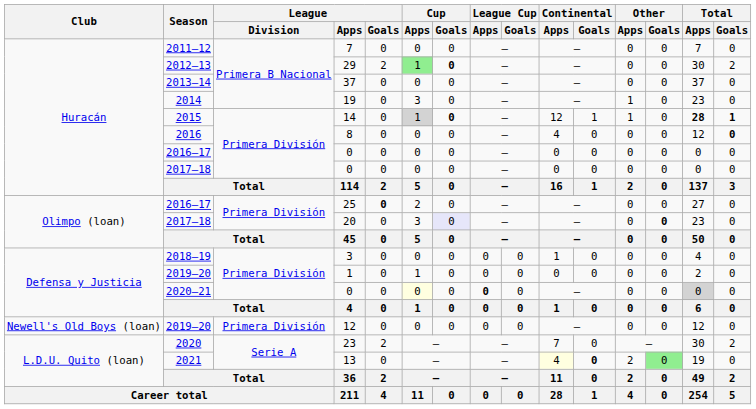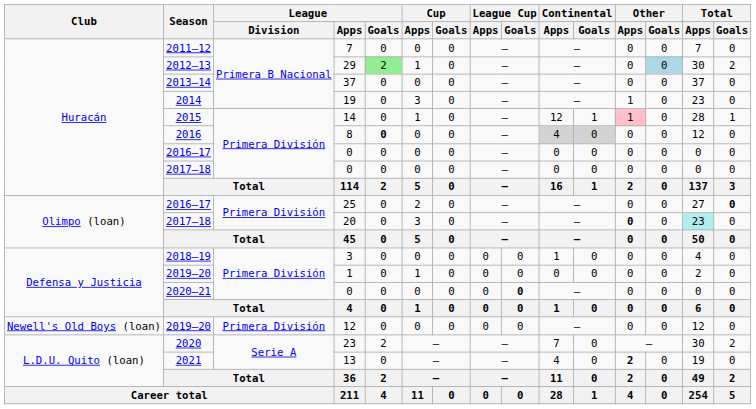 <table class="wikitable" style="text-align:center">
 <tr>
 <th rowspan="2">Club</th>
 <th rowspan="2">Season</th>
 <th colspan="3">League</th>
 <th colspan="2">Cup</th>
 <th colspan="2">League Cup</th>
 <th colspan="2">Continental</th>
 <th colspan="2">Other</th>
 <th colspan="2">Total</th>
 </tr>
 <tr>
 <th>Division</th>
 <th>Apps</th>
 <th>Goals</th>
 <th>Apps</th>
 <th>Goals</th>
 <th>Apps</th>
 <th>Goals</th>
 <th>Apps</th>
 <th>Goals</th>
 <th>Apps</th>
 <th>Goals</th>
 <th>Apps</th>
 <th>Goals</th>
 </tr>
 <tr>
 <td rowspan="9"><a href='#'>Huracán</a></td>
 <td><a href='#'>2011–12</a></td>
 <td rowspan="4"><a href='#'>Primera B Nacional</a></td>
 <td>7</td>
 <td>0</td>
 <td>0</td>
 <td>0</td>
 <td colspan="2">—</td>
 <td colspan="2">—</td>
 <td>0</td>
 <td>0</td>
 <td>7</td>
 <td>0</td>
 </tr>
 <tr>
 <td><a href='#'>2012–13</a></td>
 <td>29</td>
-<td>2</td>
-<td style="background: lightgreen;">1</td>
-<td><strong>0</strong></td>
+<td style="background: lightgreen;">2</td>
+<td>1</td>
+<td>0</td>
 <td colspan="2">—</td>
 <td colspan="2">—</td>
 <td>0</td>
-<td>0</td>
+<td style="background: lightblue;">0</td>
 <td>30</td>
 <td>2</td>
 </tr>
 <tr>
 <td><a href='#'>2013–14</a></td>
 <td>37</td>
 <td>0</td>
 <td>0</td>
 <td>0</td>
 <td colspan="2">—</td>
 <td colspan="2">—</td>
 <td>0</td>
 <td>0</td>
 <td>37</td>
 <td>0</td>
 </tr>
 <tr>
 <td><a href='#'>2014</a></td>
 <td>19</td>
 <td>0</td>
 <td>3</td>
 <td>0</td>
 <td colspan="2">—</td>
 <td colspan="2">—</td>
 <td>1</td>
 <td>0</td>
 <td>23</td>
 <td>0</td>
 </tr>
 <tr>
 <td><a href='#'>2015</a></td>
 <td rowspan="4"><a href='#'>Primera División</a></td>
 <td>14</td>
 <td>0</td>
-<td style="background: lightgrey;">1</td>
-<td><strong>0</strong></td>
+<td>1</td>
+<td>0</td>
 <td colspan="2">—</td>
 <td>12</td>
 <td>1</td>
+<td style="background: pink;">1</td>
+<td>0</td>
+<td>28</td>
 <td>1</td>
-<td>0</td>
-<td><strong>28</strong></td>
-<td><strong>1</strong></td>
 </tr>
 <tr>
 <td><a href='#'>2016</a></td>
 <td>8</td>
-<td>0</td>
+<td><strong>0</strong></td>
 <td>0</td>
 <td>0</td>
 <td colspan="2">—</td>
-<td>4</td>
-<td>0</td>
+<td style="background: lightgrey;">4</td>
+<td style="background: lightgrey;">0</td>
 <td>0</td>
 <td>0</td>
 <td>12</td>
-<td><strong>0</strong></td>
+<td>0</td>
 </tr>
 <tr>
 <td><a href='#'>2016–17</a></td>
 <td>0</td>
 <td>0</td>
 <td>0</td>
 <td>0</td>
 <td colspan="2">—</td>
 <td>0</td>
 <td>0</td>
 <td>0</td>
 <td>0</td>
 <td>0</td>
 <td>0</td>
 </tr>
 <tr>
 <td><a href='#'>2017–18</a></td>
 <td>0</td>
 <td>0</td>
 <td>0</td>
 <td>0</td>
 <td colspan="2">—</td>
 <td>0</td>
 <td>0</td>
 <td>0</td>
 <td>0</td>
 <td>0</td>
 <td>0</td>
 </tr>
 <tr>
 <th colspan="2">Total</th>
 <th>114</th>
 <th>2</th>
 <th>5</th>
 <th>0</th>
 <th colspan="2">—</th>
 <th>16</th>
 <th>1</th>
 <th>2</th>
 <th>0</th>
 <th>137</th>
 <th>3</th>
 </tr>
 <tr>
 <td rowspan="3"><a href='#'>Olimpo</a> (loan)</td>
 <td><a href='#'>2016–17</a></td>
 <td rowspan="2"><a href='#'>Primera División</a></td>
 <td>25</td>
-<td><strong>0</strong></td>
+<td>0</td>
 <td>2</td>
 <td>0</td>
 <td colspan="2">—</td>
 <td colspan="2">—</td>
 <td>0</td>
 <td>0</td>
 <td>27</td>
-<td>0</td>
+<td><strong>0</strong></td>
 </tr>
 <tr>
 <td><a href='#'>2017–18</a></td>
 <td>20</td>
 <td>0</td>
 <td>3</td>
-<td style="background: lavender;">0</td>
+<td>0</td>
 <td colspan="2">—</td>
 <td colspan="2">—</td>
+<td><strong>0</strong></td>
 <td>0</td>
-<td><strong>0</strong></td>
-<td>23</td>
+<td style="background: paleturquoise;">23</td>
 <td>0</td>
 </tr>
 <tr>
 <th colspan="2">Total</th>
 <th>45</th>
 <th>0</th>
 <th>5</th>
 <th>0</th>
 <th colspan="2">—</th>
 <th colspan="2">—</th>
 <th>0</th>
 <th>0</th>
 <th>50</th>
 <th>0</th>
 </tr>
 <tr>
 <td rowspan="4"><a href='#'>Defensa y Justicia</a></td>
 <td><a href='#'>2018–19</a></td>
 <td rowspan="3"><a href='#'>Primera División</a></td>
 <td>3</td>
 <td>0</td>
 <td>0</td>
 <td>0</td>
 <td>0</td>
 <td>0</td>
 <td>1</td>
 <td>0</td>
 <td>0</td>
 <td>0</td>
 <td>4</td>
 <td>0</td>
 </tr>
 <tr>
 <td><a href='#'>2019–20</a></td>
 <td>1</td>
 <td>0</td>
 <td>1</td>
 <td>0</td>
 <td>0</td>
 <td>0</td>
 <td>0</td>
 <td>0</td>
 <td>0</td>
 <td>0</td>
 <td>2</td>
 <td>0</td>
 </tr>
 <tr>
 <td><a href='#'>2020–21</a></td>
 <td>0</td>
 <td>0</td>
-<td style="background: lightyellow;">0</td>
+<td>0</td>
+<td>0</td>
 <td>0</td>
 <td><strong>0</strong></td>
-<td>0</td>
 <td colspan="2">—</td>
 <td>0</td>
 <td>0</td>
-<td style="background: lightgrey;">0</td>
+<td>0</td>
 <td>0</td>
 </tr>
 <tr>
 <th colspan="2">Total</th>
 <th>4</th>
 <th>0</th>
 <th>1</th>
 <th>0</th>
 <th>0</th>
 <th>0</th>
 <th>1</th>
 <th>0</th>
 <th>0</th>
 <th>0</th>
 <th>6</th>
 <th>0</th>
 </tr>
 <tr>
 <td rowspan="1"><a href='#'>Newell's Old Boys</a> (loan)</td>
 <td><a href='#'>2019–20</a></td>
 <td rowspan="1"><a href='#'>Primera División</a></td>
 <td>12</td>
 <td>0</td>
 <td>0</td>
 <td>0</td>
 <td>0</td>
 <td>0</td>
 <td colspan="2">—</td>
 <td>0</td>
 <td>0</td>
 <td>12</td>
 <td>0</td>
 </tr>
 <tr>
 <td rowspan="3"><a href='#'>L.D.U. Quito</a> (loan)</td>
 <td><a href='#'>2020</a></td>
 <td rowspan="2"><a href='#'>Serie A</a></td>
 <td>23</td>
 <td>2</td>
 <td colspan="2">—</td>
 <td colspan="2">—</td>
 <td>7</td>
 <td>0</td>
 <td colspan="2">—</td>
 <td>30</td>
 <td>2</td>
 </tr>
 <tr>
 <td><a href='#'>2021</a></td>
 <td>13</td>
 <td>0</td>
 <td colspan="2">—</td>
 <td colspan="2">—</td>
-<td style="background: lightyellow;">4</td>
-<td><strong>0</strong></td>
-<td>2</td>
-<td style="background: lightgreen;">0</td>
+<td>4</td>
+<td>0</td>
+<td><strong>2</strong></td>
+<td>0</td>
 <td>19</td>
 <td>0</td>
 </tr>
 <tr>
 <th colspan="2">Total</th>
 <th>36</th>
 <th>2</th>
 <th colspan="2">—</th>
 <th colspan="2">—</th>
 <th>11</th>
 <th>0</th>
 <th>2</th>
 <th>0</th>
 <th>49</th>
 <th>2</th>
 </tr>
 <tr>
 <th colspan="3">Career total</th>
 <th>211</th>
 <th>4</th>
 <th>11</th>
 <th>0</th>
 <th>0</th>
 <th>0</th>
 <th>28</th>
 <th>1</th>
 <th>4</th>
 <th>0</th>
 <th>254</th>
 <th>5</th>
 </tr>
 </table>
